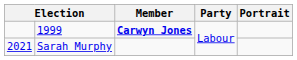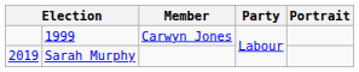 <table class="wikitable">
 <tr>
 <th colspan="2">Election</th>
 <th>Member</th>
 <th>Party</th>
 <th>Portrait</th>
 </tr>
 <tr>
 <td style="background-color: "></td>
 <td><a href='#'>1999</a></td>
-<td><strong><a href='#'>Carwyn Jones</a></strong></td>
+<td><a href='#'>Carwyn Jones</a></td>
 <td rowspan="2"><a href='#'>Labour</a></td>
 <td></td>
 </tr>
 <tr>
-<td><a href='#'>2021</a></td>
+<td><a href='#'>2019</a></td>
 <td><a href='#'>Sarah Murphy</a></td>
 <td></td>
 </tr>
 </table>
